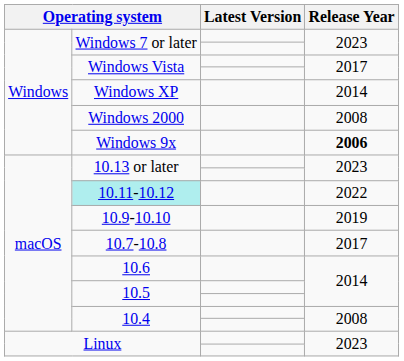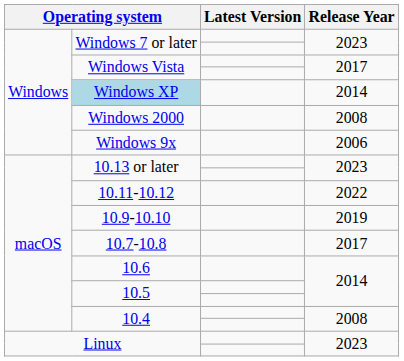 <table class="wikitable" style="text-align:center; margin-top: 0px;">
 <tr>
 <th colspan="2"><a href='#'>Operating system</a></th>
 <th>Latest Version</th>
 <th>Release Year</th>
 </tr>
 <tr>
 <td rowspan="7"><a href='#'>Windows</a></td>
 <td rowspan="2"><a href='#'>Windows 7</a> or later</td>
 <td></td>
 <td rowspan="2">2023</td>
 </tr>
 <tr>
 <td></td>
 </tr>
 <tr>
 <td rowspan="2"><a href='#'>Windows Vista</a></td>
 <td></td>
 <td rowspan="2">2017</td>
 </tr>
 <tr>
 <td></td>
 </tr>
 <tr>
-<td><a href='#'>Windows XP</a></td>
+<td style="background: lightblue;"><a href='#'>Windows XP</a></td>
 <td></td>
 <td>2014</td>
 </tr>
 <tr>
 <td><a href='#'>Windows 2000</a></td>
 <td></td>
 <td>2008</td>
 </tr>
 <tr>
 <td><a href='#'>Windows 9x</a></td>
 <td></td>
-<td><strong>2006</strong></td>
+<td>2006</td>
 </tr>
 <tr>
 <td rowspan="10"><a href='#'>macOS</a></td>
 <td rowspan="2"><a href='#'>10.13</a> or later</td>
 <td></td>
 <td rowspan="2">2023</td>
 </tr>
 <tr>
 <td></td>
 </tr>
 <tr>
-<td style="background: paleturquoise;"><a href='#'>10.11</a>-<a href='#'>10.12</a></td>
+<td><a href='#'>10.11</a>-<a href='#'>10.12</a></td>
 <td></td>
 <td>2022</td>
 </tr>
 <tr>
 <td><a href='#'>10.9</a>-<a href='#'>10.10</a></td>
 <td></td>
 <td>2019</td>
 </tr>
 <tr>
 <td><a href='#'>10.7</a>-<a href='#'>10.8</a></td>
 <td></td>
 <td>2017</td>
 </tr>
 <tr>
 <td><a href='#'>10.6</a></td>
 <td></td>
 <td rowspan="3">2014</td>
 </tr>
 <tr>
 <td rowspan="2"><a href='#'>10.5</a></td>
 <td></td>
 </tr>
 <tr>
 <td></td>
 </tr>
 <tr>
 <td rowspan="2"><a href='#'>10.4</a></td>
 <td></td>
 <td rowspan="2">2008</td>
 </tr>
 <tr>
 <td></td>
 </tr>
 <tr>
 <td colspan="2" rowspan="2"><a href='#'>Linux</a></td>
 <td></td>
 <td rowspan="2">2023</td>
 </tr>
 <tr>
 <td></td>
 </tr>
 </table>
